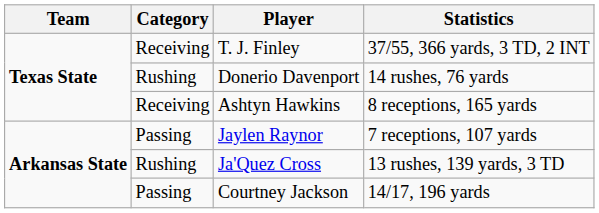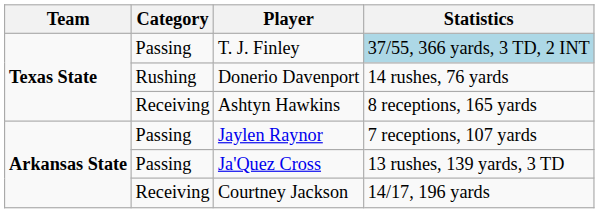 <table class="wikitable" style="float: right;">
 <tr>
 <th>Team</th>
 <th>Category</th>
 <th>Player</th>
 <th>Statistics</th>
 </tr>
 <tr>
 <td rowspan=3><strong>Texas State</strong></td>
-<td>Receiving</td>
+<td>Passing</td>
 <td>T. J. Finley</td>
-<td>37/55, 366 yards, 3 TD, 2 INT</td>
+<td style="background: lightblue;">37/55, 366 yards, 3 TD, 2 INT</td>
 </tr>
 <tr>
 <td>Rushing</td>
 <td>Donerio Davenport</td>
 <td>14 rushes, 76 yards</td>
 </tr>
 <tr>
 <td>Receiving</td>
 <td>Ashtyn Hawkins</td>
 <td>8 receptions, 165 yards</td>
 </tr>
 <tr>
 <td rowspan=3><strong>Arkansas State</strong></td>
 <td>Passing</td>
 <td><a href='#'>Jaylen Raynor</a></td>
 <td>7 receptions, 107 yards</td>
 </tr>
 <tr>
-<td>Rushing</td>
+<td>Passing</td>
 <td><a href='#'>Ja'Quez Cross</a></td>
 <td>13 rushes, 139 yards, 3 TD</td>
 </tr>
 <tr>
-<td>Passing</td>
+<td>Receiving</td>
 <td>Courtney Jackson</td>
 <td>14/17, 196 yards</td>
 </tr>
 </table>
